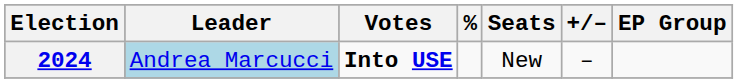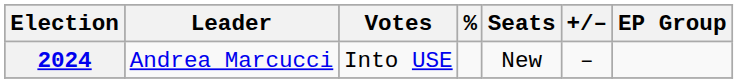 <table class="wikitable" style="text-align:center">
 <tr>
 <th>Election</th>
 <th>Leader</th>
 <th>Votes</th>
 <th>%</th>
 <th>Seats</th>
 <th>+/–</th>
 <th>EP Group</th>
 </tr>
 <tr>
 <th><a href='#'>2024</a></th>
-<td style="background: lightblue;"><a href='#'>Andrea Marcucci</a></td>
-<td colspa="2"><strong>Into <a href='#'>USE</a></strong></td>
+<td><a href='#'>Andrea Marcucci</a></td>
+<td colspa="2">Into <a href='#'>USE</a></td>
 <td></td>
 <td>New</td>
 <td>–</td>
 </tr>
 </table>
